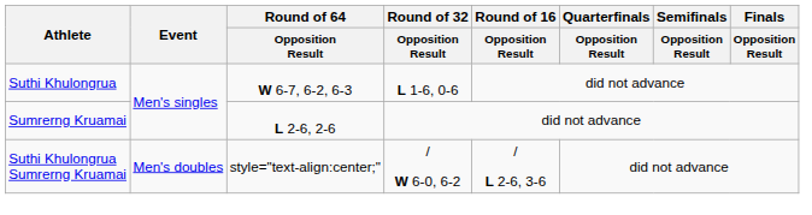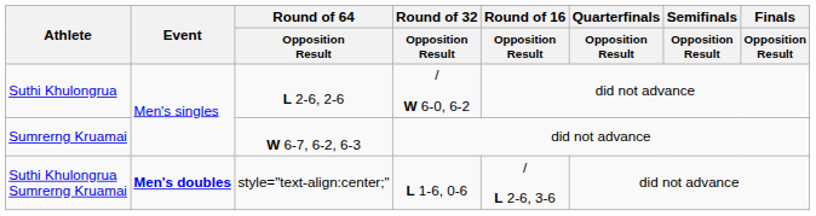 <table class=wikitable style="font-size:90%">
 <tr>
 <th rowspan="2">Athlete</th>
 <th rowspan="2">Event</th>
 <th>Round of 64</th>
 <th>Round of 32</th>
 <th>Round of 16</th>
 <th>Quarterfinals</th>
 <th>Semifinals</th>
 <th>Finals</th>
 </tr>
 <tr>
 <th style="line-height:1em"><small>Opposition<br>Result</small></th>
 <th style="line-height:1em"><small>Opposition<br>Result</small></th>
 <th style="line-height:1em"><small>Opposition<br>Result</small></th>
 <th style="line-height:1em"><small>Opposition<br>Result</small></th>
 <th style="line-height:1em"><small>Opposition<br>Result</small></th>
 <th style="line-height:1em"><small>Opposition<br>Result</small></th>
 </tr>
 <tr>
 <td><a href='#'>Suthi Khulongrua</a></td>
 <td rowspan="2"><a href='#'>Men's singles</a></td>
-<td style="text-align:center;"><br><strong>W</strong> 6-7, 6-2, 6-3</td>
-<td style="text-align:center;"><br><strong>L</strong> 1-6, 0-6</td>
+<td style="text-align:center;"><br><strong>L</strong> 2-6, 2-6</td>
+<td style="text-align:center;"> /<br> <br><strong>W</strong> 6-0, 6-2</td>
 <td style="text-align:center;" colspan="4">did not advance</td>
 </tr>
 <tr>
 <td><a href='#'>Sumrerng Kruamai</a></td>
-<td style="text-align:center;"><br><strong>L</strong> 2-6, 2-6</td>
+<td style="text-align:center;"><br><strong>W</strong> 6-7, 6-2, 6-3</td>
 <td style="text-align:center;" colspan="5">did not advance</td>
 </tr>
 <tr>
 <td><a href='#'>Suthi Khulongrua</a><br> <a href='#'>Sumrerng Kruamai</a></td>
-<td><a href='#'>Men's doubles</a></td>
+<td><strong><a href='#'>Men's doubles</a></strong></td>
 <td>style="text-align:center;" </td>
-<td style="text-align:center;"> /<br> <br><strong>W</strong> 6-0, 6-2</td>
+<td style="text-align:center;"><br><strong>L</strong> 1-6, 0-6</td>
 <td style="text-align:center;"> /<br> <br><strong>L</strong> 2-6, 3-6</td>
 <td style="text-align:center;" colspan="3">did not advance</td>
 </tr>
 </table>
